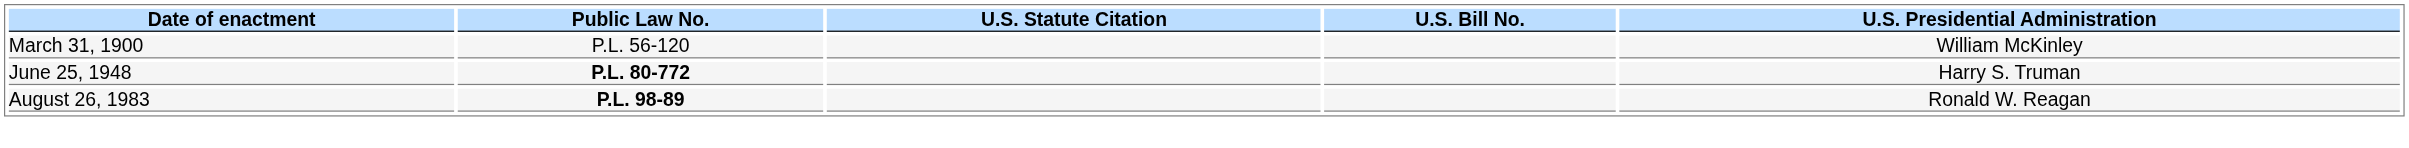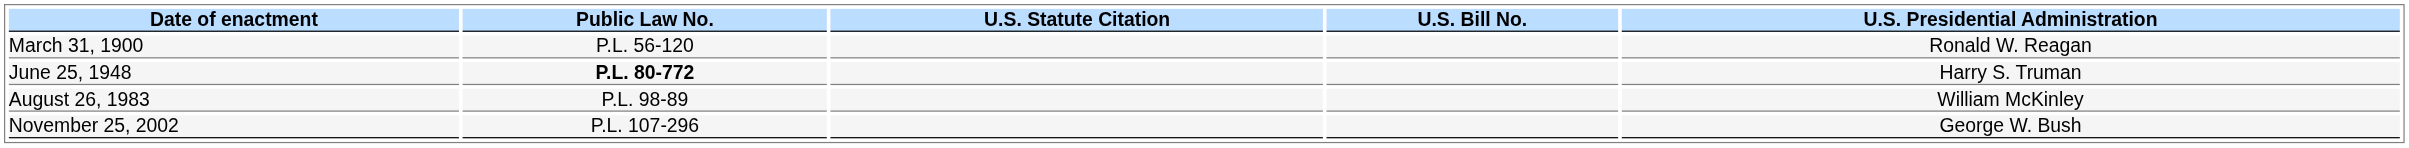 <table style="border:1px solid gray; align:left; width:100%" cellspacing=3 cellpadding=0>
 <tr style="font-weight:bold; text-align:center; background:#bbddff; color:black;">
 <th style=" border-bottom:1.5px solid black">Date of enactment</th>
 <th style=" border-bottom:1.5px solid black">Public Law No.</th>
 <th style=" border-bottom:1.5px solid black">U.S. Statute Citation</th>
 <th style=" border-bottom:1.5px solid black">U.S. Bill No.</th>
 <th style=" border-bottom:1.5px solid black">U.S. Presidential Administration</th>
 </tr>
 <tr>
 <td style="border-bottom:1px solid gray; background:#F5F5F5;">March 31, 1900</td>
 <td style="border-bottom:1px solid gray; background:#F5F5F5; text-align:center;">P.L. 56-120</td>
 <td style="border-bottom:1px solid gray; background:#F5F5F5; text-align:center;"></td>
 <td style="border-bottom:1px solid gray; background:#F5F5F5; text-align:center;"></td>
-<td style="border-bottom:1px solid gray; background:#F5F5F5; text-align:center;">William McKinley</td>
+<td style="border-bottom:1px solid gray; background:#F5F5F5; text-align:center;">Ronald W. Reagan</td>
 </tr>
 <tr>
 <td style="border-bottom:1px solid gray; background:#F5F5F5;">June 25, 1948</td>
 <td style="border-bottom:1px solid gray; background:#F5F5F5; text-align:center;"><strong>P.L. 80-772</strong></td>
 <td style="border-bottom:1px solid gray; background:#F5F5F5; text-align:center;"></td>
 <td style="border-bottom:1px solid gray; background:#F5F5F5; text-align:center;"></td>
 <td style="border-bottom:1px solid gray; background:#F5F5F5; text-align:center;">Harry S. Truman</td>
 </tr>
 <tr>
 <td style="border-bottom:1px solid gray; background:#F5F5F5;">August 26, 1983</td>
-<td style="border-bottom:1px solid gray; background:#F5F5F5; text-align:center;"><strong>P.L. 98-89</strong></td>
+<td style="border-bottom:1px solid gray; background:#F5F5F5; text-align:center;">P.L. 98-89</td>
 <td style="border-bottom:1px solid gray; background:#F5F5F5; text-align:center;"></td>
 <td style="border-bottom:1px solid gray; background:#F5F5F5; text-align:center;"></td>
-<td style="border-bottom:1px solid gray; background:#F5F5F5; text-align:center;">Ronald W. Reagan</td>
+<td style="border-bottom:1px solid gray; background:#F5F5F5; text-align:center;">William McKinley</td>
+</tr>
+<tr>
+<td style="border-bottom:1.5px solid black; background:#F5F5F5;">November 25, 2002</td>
+<td style="border-bottom:1.5px solid black; background:#F5F5F5; text-align:center;">P.L. 107-296</td>
+<td style="border-bottom:1.5px solid black; background:#F5F5F5; text-align:center;"></td>
+<td style="border-bottom:1.5px solid black; background:#F5F5F5; text-align:center;"></td>
+<td style="border-bottom:1.5px solid black; background:#F5F5F5; text-align:center;">George W. Bush</td>
 </tr>
 </table>
